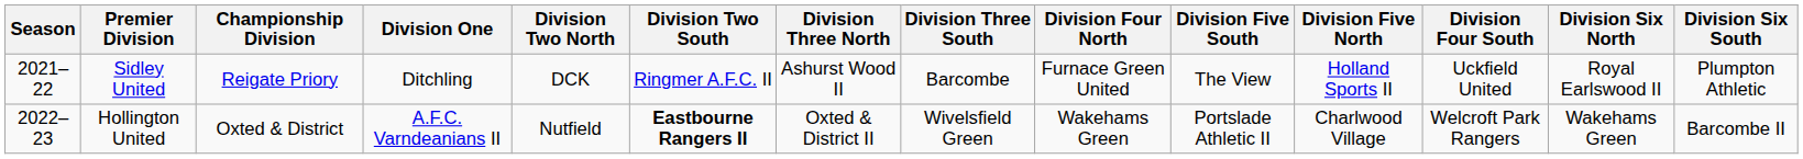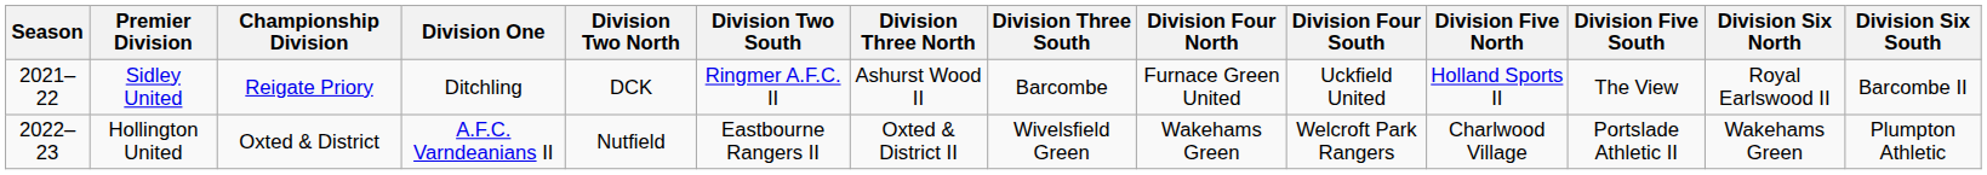 <table class="wikitable" style="text-align: center">
 <tr>
 <th>Season</th>
 <th>Premier Division</th>
 <th>Championship Division</th>
 <th>Division One</th>
 <th>Division Two North</th>
 <th>Division Two South</th>
 <th>Division Three North</th>
 <th>Division Three South</th>
 <th>Division Four North</th>
+<th>Division Four South</th>
+<th>Division Five North</th>
 <th>Division Five South</th>
-<th>Division Five North</th>
-<th>Division Four South</th>
 <th>Division Six North</th>
 <th>Division Six South</th>
 </tr>
 <tr>
 <td>2021–22</td>
 <td><a href='#'>Sidley United</a></td>
 <td><a href='#'>Reigate Priory</a></td>
 <td>Ditchling</td>
 <td>DCK</td>
 <td><a href='#'>Ringmer A.F.C.</a> II</td>
 <td>Ashurst Wood II</td>
 <td>Barcombe</td>
 <td>Furnace Green United</td>
+<td>Uckfield United</td>
+<td><a href='#'>Holland Sports</a> II</td>
 <td>The View</td>
-<td><a href='#'>Holland Sports</a> II</td>
-<td>Uckfield United</td>
 <td>Royal Earlswood II</td>
-<td>Plumpton Athletic</td>
+<td>Barcombe II</td>
 </tr>
 <tr>
 <td>2022–23</td>
 <td>Hollington United</td>
 <td>Oxted & District</td>
 <td><a href='#'>A.F.C. Varndeanians</a> II</td>
 <td>Nutfield</td>
-<td><strong>Eastbourne Rangers II</strong></td>
+<td>Eastbourne Rangers II</td>
 <td>Oxted & District II</td>
 <td>Wivelsfield Green</td>
 <td>Wakehams Green</td>
+<td>Welcroft Park Rangers</td>
+<td>Charlwood Village</td>
 <td>Portslade Athletic II</td>
-<td>Charlwood Village</td>
-<td>Welcroft Park Rangers</td>
 <td>Wakehams Green</td>
-<td>Barcombe II</td>
+<td>Plumpton Athletic</td>
 </tr>
 </table>
